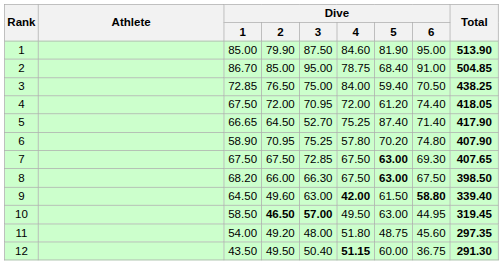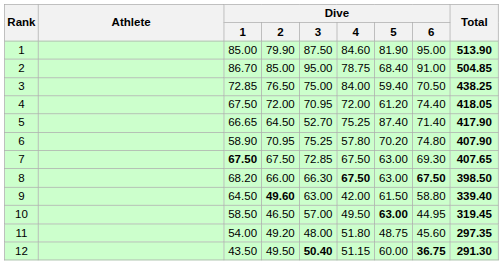 <table class=wikitable style="text-align:center">
 <tr>
 <th rowspan="2" width=40>Rank</th>
 <th rowspan="2" width=250>Athlete</th>
 <th colspan="6">Dive</th>
 <th rowspan="2" width=60>Total</th>
 </tr>
 <tr>
 <th width=45>1</th>
 <th width=45>2</th>
 <th width=45>3</th>
 <th width=45>4</th>
 <th width=45>5</th>
 <th width=45>6</th>
 </tr>
 <tr bgcolor="ccffcc">
 <td>1</td>
 <td align=left></td>
 <td>85.00</td>
 <td>79.90</td>
 <td>87.50</td>
 <td>84.60</td>
 <td>81.90</td>
 <td>95.00</td>
 <td><strong>513.90</strong></td>
 </tr>
 <tr bgcolor="ccffcc">
 <td>2</td>
 <td align=left></td>
 <td>86.70</td>
 <td>85.00</td>
 <td>95.00</td>
 <td>78.75</td>
 <td>68.40</td>
 <td>91.00</td>
 <td><strong>504.85</strong></td>
 </tr>
 <tr bgcolor="ccffcc">
 <td>3</td>
 <td align=left></td>
 <td>72.85</td>
 <td>76.50</td>
 <td>75.00</td>
 <td>84.00</td>
 <td>59.40</td>
 <td>70.50</td>
 <td><strong>438.25</strong></td>
 </tr>
 <tr bgcolor="ccffcc">
 <td>4</td>
 <td align=left></td>
 <td>67.50</td>
 <td>72.00</td>
 <td>70.95</td>
 <td>72.00</td>
 <td>61.20</td>
 <td>74.40</td>
 <td><strong>418.05</strong></td>
 </tr>
 <tr bgcolor="ccffcc">
 <td>5</td>
 <td align=left></td>
 <td>66.65</td>
 <td>64.50</td>
 <td>52.70</td>
 <td>75.25</td>
 <td>87.40</td>
 <td>71.40</td>
 <td><strong>417.90</strong></td>
 </tr>
 <tr bgcolor="ccffcc">
 <td>6</td>
 <td align=left></td>
 <td>58.90</td>
 <td>70.95</td>
 <td>75.25</td>
 <td>57.80</td>
 <td>70.20</td>
 <td>74.80</td>
 <td><strong>407.90</strong></td>
 </tr>
 <tr bgcolor="ccffcc">
 <td>7</td>
 <td align=left></td>
-<td>67.50</td>
+<td><strong>67.50</strong></td>
 <td>67.50</td>
 <td>72.85</td>
 <td>67.50</td>
-<td><strong>63.00</strong></td>
+<td>63.00</td>
 <td>69.30</td>
 <td><strong>407.65</strong></td>
 </tr>
 <tr bgcolor="ccffcc">
 <td>8</td>
 <td align=left></td>
 <td>68.20</td>
 <td>66.00</td>
 <td>66.30</td>
-<td>67.50</td>
-<td><strong>63.00</strong></td>
-<td>67.50</td>
+<td><strong>67.50</strong></td>
+<td>63.00</td>
+<td><strong>67.50</strong></td>
 <td><strong>398.50</strong></td>
 </tr>
 <tr bgcolor="ccffcc">
 <td>9</td>
 <td align=left></td>
 <td>64.50</td>
-<td>49.60</td>
+<td><strong>49.60</strong></td>
 <td>63.00</td>
-<td><strong>42.00</strong></td>
+<td>42.00</td>
 <td>61.50</td>
-<td><strong>58.80</strong></td>
+<td>58.80</td>
 <td><strong>339.40</strong></td>
 </tr>
 <tr bgcolor="ccffcc">
 <td>10</td>
 <td align=left></td>
 <td>58.50</td>
-<td><strong>46.50</strong></td>
-<td><strong>57.00</strong></td>
+<td>46.50</td>
+<td>57.00</td>
 <td>49.50</td>
-<td>63.00</td>
+<td><strong>63.00</strong></td>
 <td>44.95</td>
 <td><strong>319.45</strong></td>
 </tr>
 <tr bgcolor="ccffcc">
 <td>11</td>
 <td align=left></td>
 <td>54.00</td>
 <td>49.20</td>
 <td>48.00</td>
 <td>51.80</td>
 <td>48.75</td>
 <td>45.60</td>
 <td><strong>297.35</strong></td>
 </tr>
 <tr bgcolor="ccffcc">
 <td>12</td>
 <td align=left></td>
 <td>43.50</td>
 <td>49.50</td>
-<td>50.40</td>
-<td><strong>51.15</strong></td>
+<td><strong>50.40</strong></td>
+<td>51.15</td>
 <td>60.00</td>
-<td>36.75</td>
+<td><strong>36.75</strong></td>
 <td><strong>291.30</strong></td>
 </tr>
 </table>
